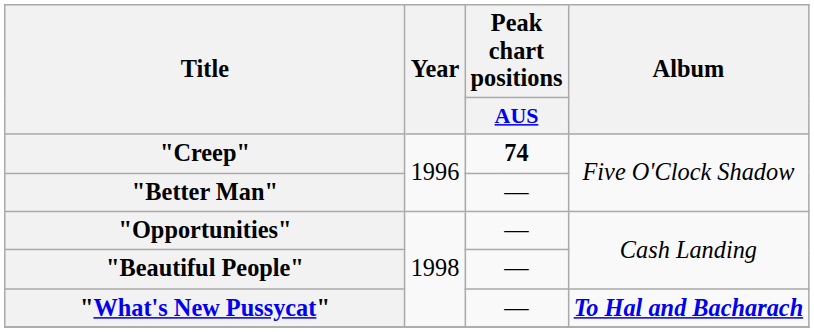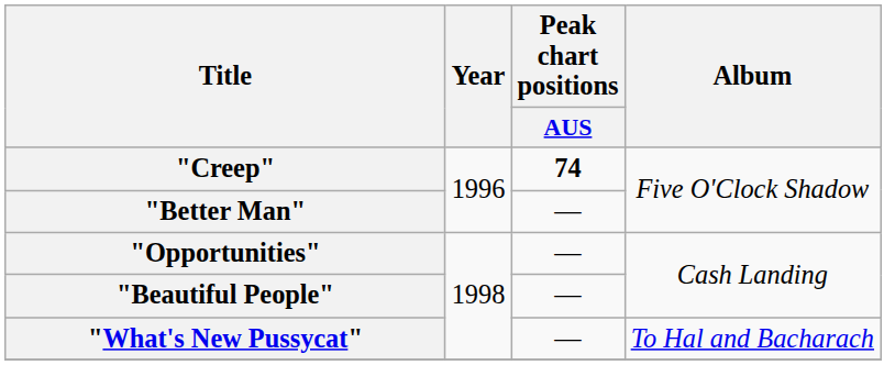 <table class="wikitable plainrowheaders" style="text-align:center;" border="1">
 <tr>
 <th scope="col" rowspan="2" style="width:16em;">Title</th>
 <th scope="col" rowspan="2">Year</th>
 <th scope="col" colspan="1">Peak chart positions</th>
 <th scope="col" rowspan="2">Album</th>
 </tr>
 <tr>
 <th scope="col" style="width:3em;font-size:90%;"><a href='#'>AUS</a><br></th>
 </tr>
 <tr>
 <th scope="row">"Creep"</th>
 <td rowspan="2">1996</td>
 <td><strong>74</strong></td>
 <td rowspan="2"><em>Five O'Clock Shadow</em></td>
 </tr>
 <tr>
 <th scope="row">"Better Man"</th>
 <td>—</td>
 </tr>
 <tr>
 <th scope="row">"Opportunities"</th>
 <td rowspan="3">1998</td>
 <td>—</td>
 <td rowspan="2"><em>Cash Landing</em></td>
 </tr>
 <tr>
 <th scope="row">"Beautiful People"</th>
 <td>—</td>
 </tr>
 <tr>
 <th scope="row">"<a href='#'>What's New Pussycat</a>"</th>
 <td>—</td>
-<td><strong><em><a href='#'>To Hal and Bacharach</a></em></strong></td>
+<td><em><a href='#'>To Hal and Bacharach</a></em></td>
 </tr>
 <tr>
 </tr>
 </table>
